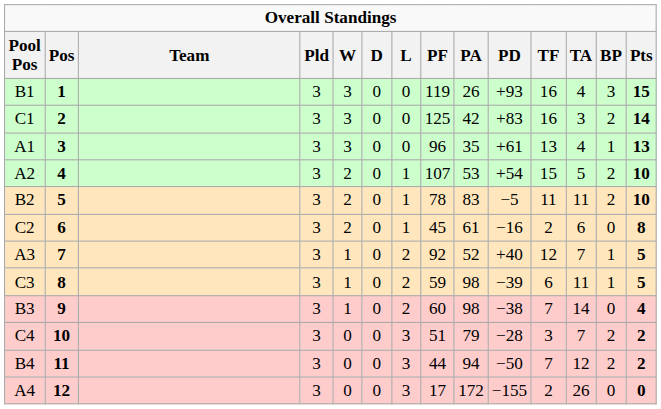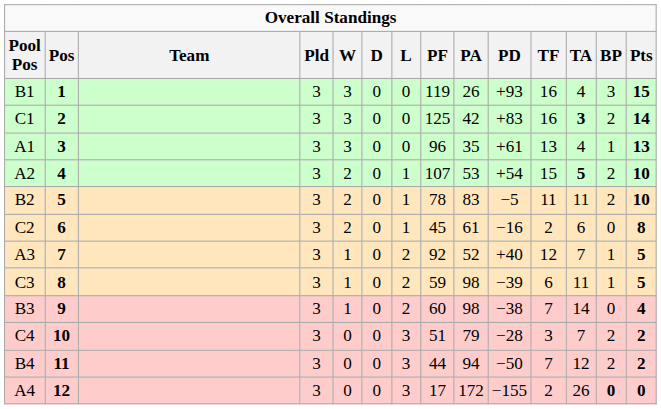 <table class="wikitable" style="float:left; margin-right:15px; text-align: center;">
 <tr>
 <td colspan=15><div><strong>Overall Standings</strong></div></td>
 </tr>
 <tr>
 <th width="20">Pool Pos</th>
 <th width="20">Pos</th>
 <th width="200">Team</th>
 <th width="20">Pld</th>
 <th width="20">W</th>
 <th width="20">D</th>
 <th width="20">L</th>
 <th width="20">PF</th>
 <th width="20">PA</th>
 <th width="20">PD</th>
 <th width="25">TF</th>
 <th width="20">TA</th>
 <th width="20">BP</th>
 <th width="20">Pts<br></th>
 </tr>
 <tr style="background:#ccffcc; text-align:center;">
 <td>B1</td>
 <td><strong>1</strong></td>
 <td align=left></td>
 <td>3</td>
 <td>3</td>
 <td>0</td>
 <td>0</td>
 <td>119</td>
 <td>26</td>
 <td>+93</td>
 <td>16</td>
 <td>4</td>
 <td>3</td>
 <td><strong>15</strong></td>
 </tr>
 <tr style="background:#ccffcc; text-align:center;">
 <td>C1</td>
 <td><strong>2</strong></td>
 <td align=left></td>
 <td>3</td>
 <td>3</td>
 <td>0</td>
 <td>0</td>
 <td>125</td>
 <td>42</td>
 <td>+83</td>
 <td>16</td>
-<td>3</td>
+<td><strong>3</strong></td>
 <td>2</td>
 <td><strong>14</strong></td>
 </tr>
 <tr style="background:#ccffcc; text-align:center;">
 <td>A1</td>
 <td><strong>3</strong></td>
 <td align=left></td>
 <td>3</td>
 <td>3</td>
 <td>0</td>
 <td>0</td>
 <td>96</td>
 <td>35</td>
 <td>+61</td>
 <td>13</td>
 <td>4</td>
 <td>1</td>
 <td><strong>13</strong></td>
 </tr>
 <tr style="background:#ccffcc; text-align:center;">
 <td>A2</td>
 <td><strong>4</strong></td>
 <td align=left></td>
 <td>3</td>
 <td>2</td>
 <td>0</td>
 <td>1</td>
 <td>107</td>
 <td>53</td>
 <td>+54</td>
 <td>15</td>
-<td>5</td>
+<td><strong>5</strong></td>
 <td>2</td>
 <td><strong>10</strong></td>
 </tr>
 <tr style="background:#ffe6bd; text-align:center;">
 <td>B2</td>
 <td><strong>5</strong></td>
 <td align=left></td>
 <td>3</td>
 <td>2</td>
 <td>0</td>
 <td>1</td>
 <td>78</td>
 <td>83</td>
 <td>−5</td>
 <td>11</td>
 <td>11</td>
 <td>2</td>
 <td><strong>10</strong></td>
 </tr>
 <tr style="background:#ffe6bd; text-align:center;">
 <td>C2</td>
 <td><strong>6</strong></td>
 <td align=left></td>
 <td>3</td>
 <td>2</td>
 <td>0</td>
 <td>1</td>
 <td>45</td>
 <td>61</td>
 <td>−16</td>
 <td>2</td>
 <td>6</td>
 <td>0</td>
 <td><strong>8</strong></td>
 </tr>
 <tr style="background:#ffe6bd; text-align:center;">
 <td>A3</td>
 <td><strong>7</strong></td>
 <td align=left></td>
 <td>3</td>
 <td>1</td>
 <td>0</td>
 <td>2</td>
 <td>92</td>
 <td>52</td>
 <td>+40</td>
 <td>12</td>
 <td>7</td>
 <td>1</td>
 <td><strong>5</strong></td>
 </tr>
 <tr style="background:#ffe6bd; text-align:center;">
 <td>C3</td>
 <td><strong>8</strong></td>
 <td align=left></td>
 <td>3</td>
 <td>1</td>
 <td>0</td>
 <td>2</td>
 <td>59</td>
 <td>98</td>
 <td>−39</td>
 <td>6</td>
 <td>11</td>
 <td>1</td>
 <td><strong>5</strong></td>
 </tr>
 <tr style="background:#fcc; text-align:center;">
 <td>B3</td>
 <td><strong>9</strong></td>
 <td align=left></td>
 <td>3</td>
 <td>1</td>
 <td>0</td>
 <td>2</td>
 <td>60</td>
 <td>98</td>
 <td>−38</td>
 <td>7</td>
 <td>14</td>
 <td>0</td>
 <td><strong>4</strong></td>
 </tr>
 <tr style="background:#fcc; text-align:center;">
 <td>C4</td>
 <td><strong>10</strong></td>
 <td align=left></td>
 <td>3</td>
 <td>0</td>
 <td>0</td>
 <td>3</td>
 <td>51</td>
 <td>79</td>
 <td>−28</td>
 <td>3</td>
 <td>7</td>
 <td>2</td>
 <td><strong>2</strong></td>
 </tr>
 <tr style="background:#fcc; text-align:center;">
 <td>B4</td>
 <td><strong>11</strong></td>
 <td align=left></td>
 <td>3</td>
 <td>0</td>
 <td>0</td>
 <td>3</td>
 <td>44</td>
 <td>94</td>
 <td>−50</td>
 <td>7</td>
 <td>12</td>
 <td>2</td>
 <td><strong>2</strong></td>
 </tr>
 <tr style="background:#fcc; text-align:center;">
 <td>A4</td>
 <td><strong>12</strong></td>
 <td align=left></td>
 <td>3</td>
 <td>0</td>
 <td>0</td>
 <td>3</td>
 <td>17</td>
 <td>172</td>
 <td>−155</td>
 <td>2</td>
 <td>26</td>
-<td>0</td>
+<td><strong>0</strong></td>
 <td><strong>0</strong></td>
 </tr>
 </table>
